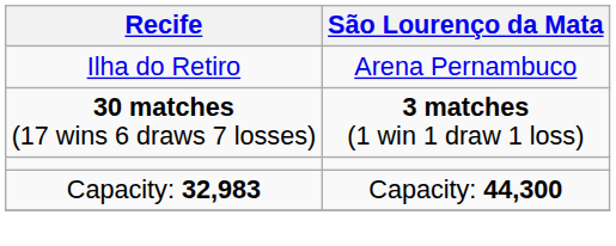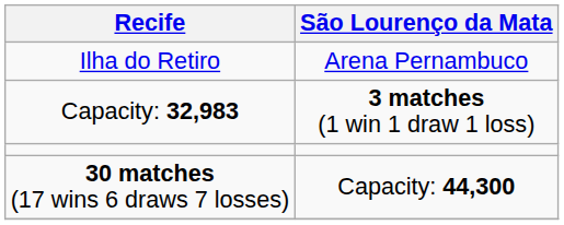 <table class="wikitable" style="text-align:center">
 <tr>
 <th><a href='#'>Recife</a></th>
 <th><a href='#'>São Lourenço da Mata</a></th>
 </tr>
 <tr>
 <td><a href='#'>Ilha do Retiro</a></td>
 <td><a href='#'>Arena Pernambuco</a></td>
 </tr>
 <tr>
-<td><strong>30 matches</strong><br>(17 wins 6 draws 7 losses)</td>
+<td>Capacity: <strong>32,983</strong></td>
 <td><strong>3 matches</strong><br>(1 win 1 draw 1 loss)</td>
 </tr>
 <tr>
 <td></td>
 <td></td>
 </tr>
 <tr>
-<td>Capacity: <strong>32,983</strong></td>
+<td><strong>30 matches</strong><br>(17 wins 6 draws 7 losses)</td>
 <td>Capacity: <strong>44,300</strong></td>
 </tr>
 <tr>
 </tr>
 </table>
